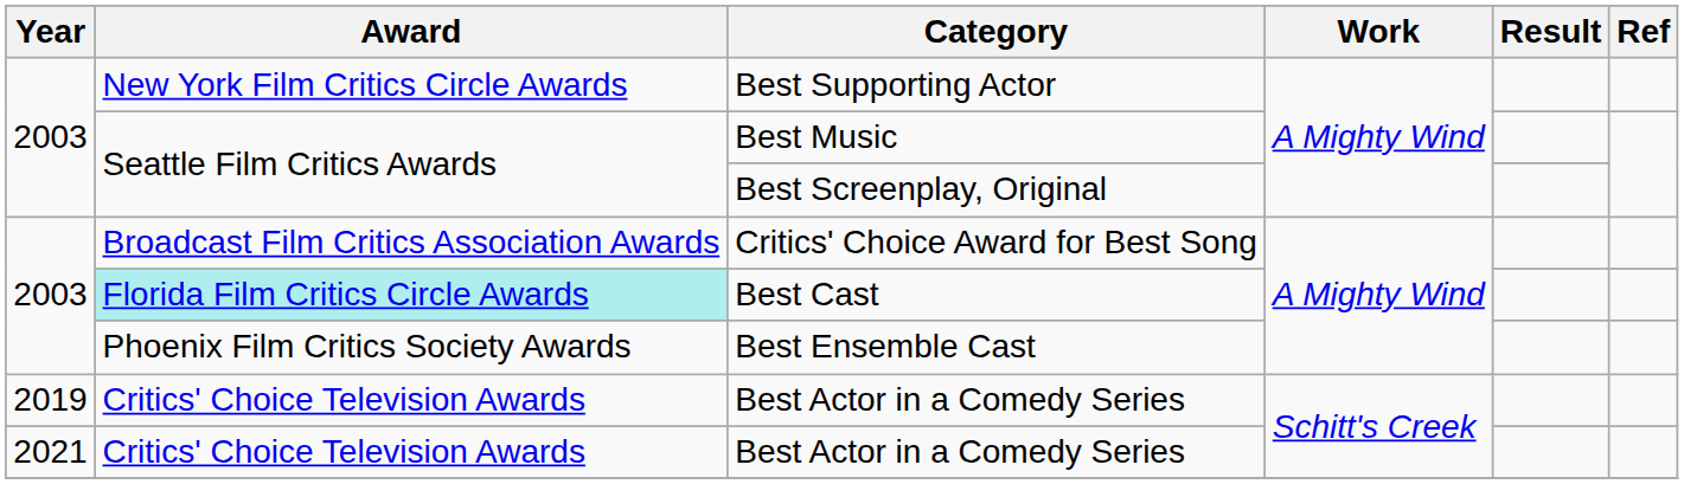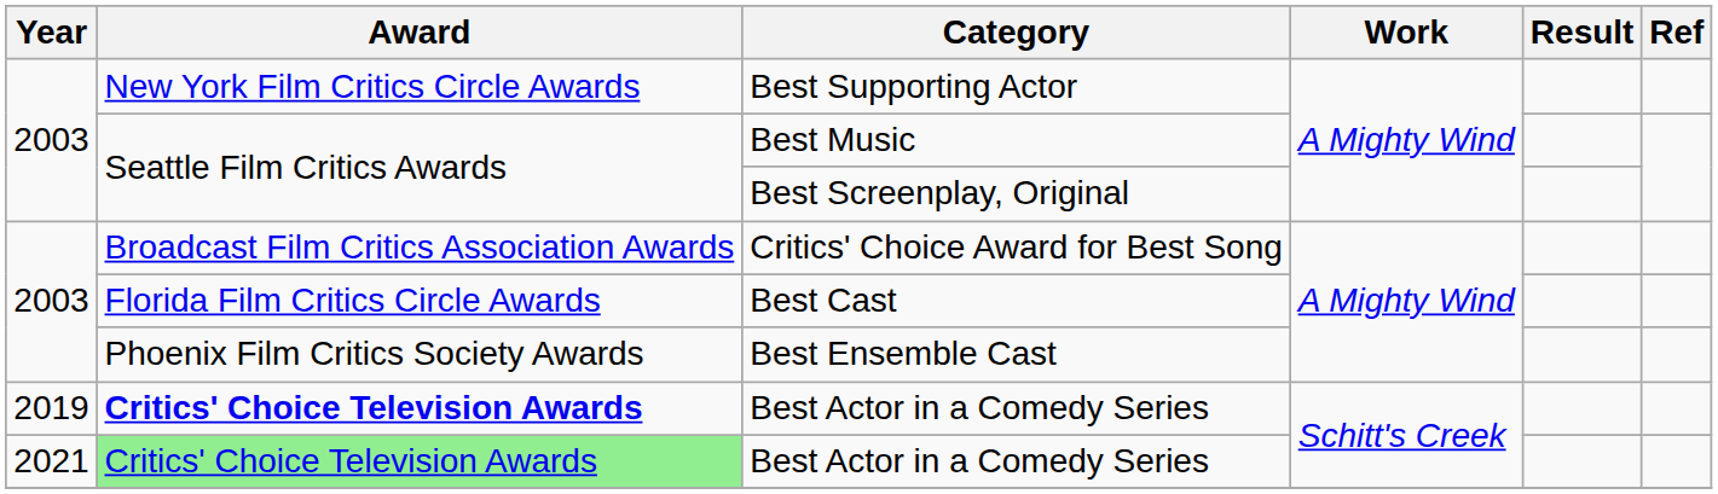 <table class="wikitable sortable">
 <tr>
 <th>Year</th>
 <th>Award</th>
 <th>Category</th>
 <th>Work</th>
 <th>Result</th>
 <th>Ref</th>
 </tr>
 <tr>
 <td rowspan="3">2003</td>
 <td><a href='#'>New York Film Critics Circle Awards</a></td>
 <td>Best Supporting Actor</td>
 <td rowspan="3"><em><a href='#'>A Mighty Wind</a></em></td>
 <td></td>
 <td></td>
 </tr>
 <tr>
 <td rowspan="2">Seattle Film Critics Awards</td>
 <td>Best Music</td>
 <td></td>
 <td rowspan="2"></td>
 </tr>
 <tr>
 <td>Best Screenplay, Original</td>
 <td></td>
 </tr>
 <tr>
 <td rowspan=3>2003</td>
 <td><a href='#'>Broadcast Film Critics Association Awards</a></td>
 <td>Critics' Choice Award for Best Song</td>
 <td rowspan="3"><em><a href='#'>A Mighty Wind</a></em></td>
 <td></td>
 <td></td>
 </tr>
 <tr>
-<td style="background: paleturquoise;"><a href='#'>Florida Film Critics Circle Awards</a></td>
+<td><a href='#'>Florida Film Critics Circle Awards</a></td>
 <td>Best Cast</td>
 <td></td>
 <td></td>
 </tr>
 <tr>
 <td>Phoenix Film Critics Society Awards</td>
 <td>Best Ensemble Cast</td>
 <td></td>
 <td></td>
 </tr>
 <tr>
 <td>2019</td>
-<td><a href='#'>Critics' Choice Television Awards</a></td>
+<td><strong><a href='#'>Critics' Choice Television Awards</a></strong></td>
 <td>Best Actor in a Comedy Series</td>
 <td rowspan=2><em><a href='#'>Schitt's Creek</a></em></td>
 <td></td>
 <td></td>
 </tr>
 <tr>
 <td>2021</td>
-<td><a href='#'>Critics' Choice Television Awards</a></td>
+<td style="background: lightgreen;"><a href='#'>Critics' Choice Television Awards</a></td>
 <td>Best Actor in a Comedy Series</td>
 <td></td>
 <td></td>
 </tr>
 <tr>
 </tr>
 </table>
